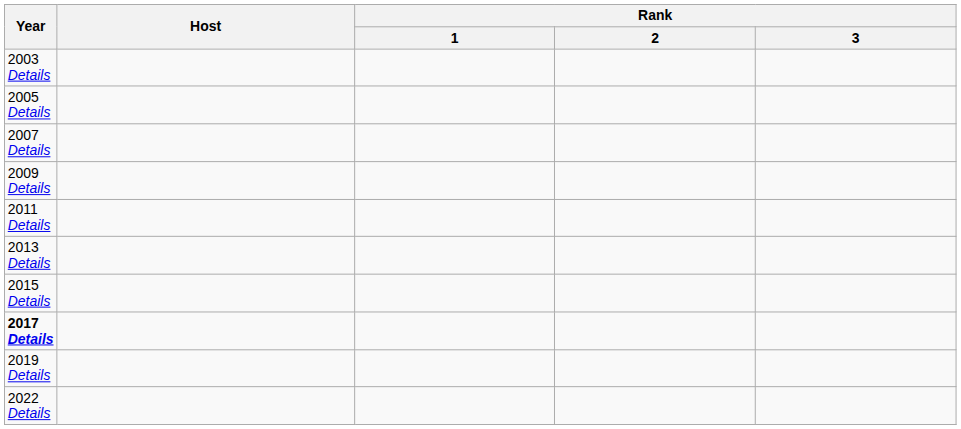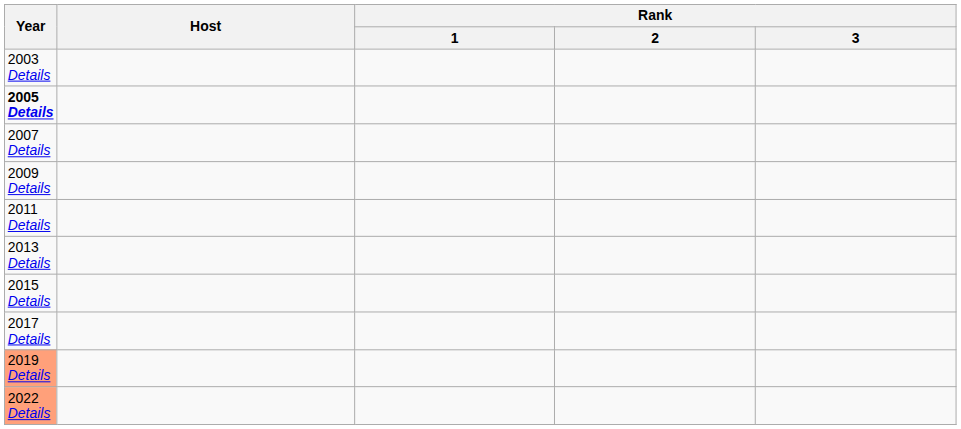 <table class="wikitable" style="text-align:center; font-size:90%">
 <tr>
 <th rowspan="2" style="width:20px;">Year</th>
 <th rowspan="2" style="width:300px;">Host</th>
 <th colspan=3>Rank</th>
 </tr>
 <tr>
 <th width=200>1</th>
 <th width=200>2</th>
 <th width=200>3</th>
 </tr>
 <tr align=left>
 <td>2003 <br> <em><a href='#'>Details</a></em></td>
 <td></td>
 <td></td>
 <td></td>
 <td></td>
 </tr>
 <tr align=left>
-<td>2005 <br> <em><a href='#'>Details</a></em></td>
+<td><strong>2005 <br> <em><a href='#'>Details</a></em></strong></td>
 <td></td>
 <td></td>
 <td></td>
 <td></td>
 </tr>
 <tr align=left>
 <td>2007 <br> <em><a href='#'>Details</a></em></td>
 <td></td>
 <td></td>
 <td></td>
 <td></td>
 </tr>
 <tr align=left>
 <td>2009 <br> <em><a href='#'>Details</a></em></td>
 <td></td>
 <td></td>
 <td></td>
 <td></td>
 </tr>
 <tr align=left>
 <td>2011 <br> <em><a href='#'>Details</a></em></td>
 <td></td>
 <td></td>
 <td></td>
 <td></td>
 </tr>
 <tr align=left>
 <td>2013 <br> <em><a href='#'>Details</a></em></td>
 <td></td>
 <td></td>
 <td></td>
 <td></td>
 </tr>
 <tr align=left>
 <td>2015 <br> <em><a href='#'>Details</a></em></td>
 <td></td>
 <td></td>
 <td></td>
 <td></td>
 </tr>
 <tr align=left>
-<td><strong>2017 <br> <em><a href='#'>Details</a></em></strong></td>
+<td>2017 <br> <em><a href='#'>Details</a></em></td>
 <td></td>
 <td></td>
 <td></td>
 <td></td>
 </tr>
 <tr align=left>
-<td>2019 <br> <em><a href='#'>Details</a></em></td>
+<td style="background: lightsalmon;">2019 <br> <em><a href='#'>Details</a></em></td>
 <td></td>
 <td></td>
 <td></td>
 <td></td>
 </tr>
 <tr align=left>
-<td>2022 <br> <em><a href='#'>Details</a></em></td>
+<td style="background: lightsalmon;">2022 <br> <em><a href='#'>Details</a></em></td>
 <td></td>
 <td></td>
 <td></td>
 <td></td>
 </tr>
 </table>
